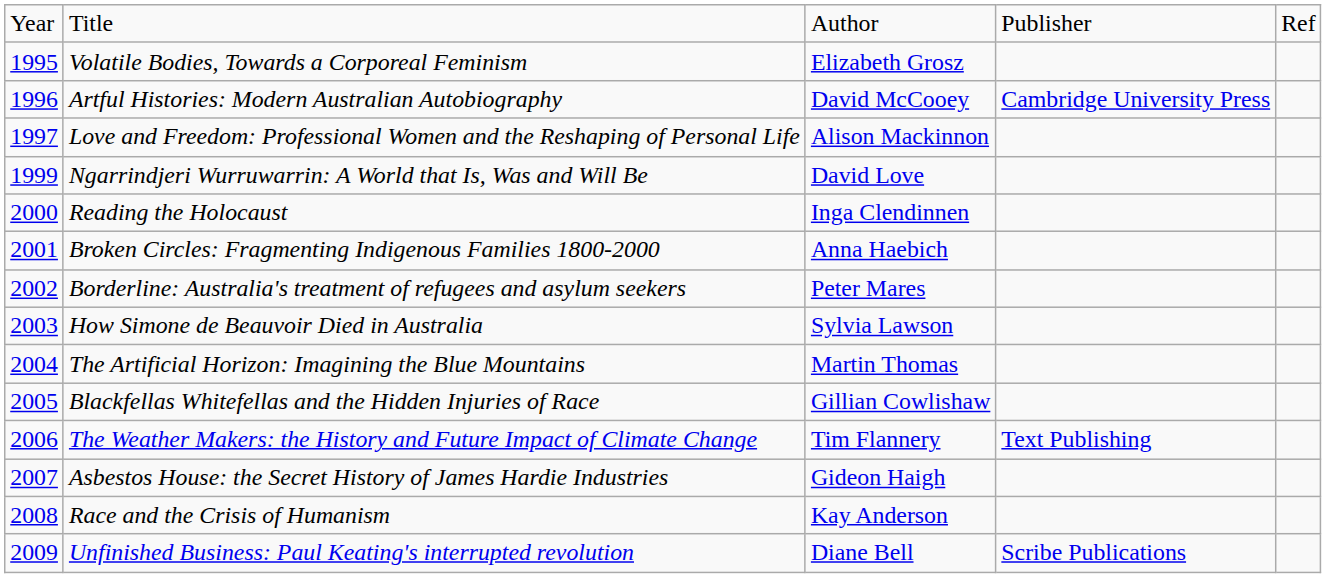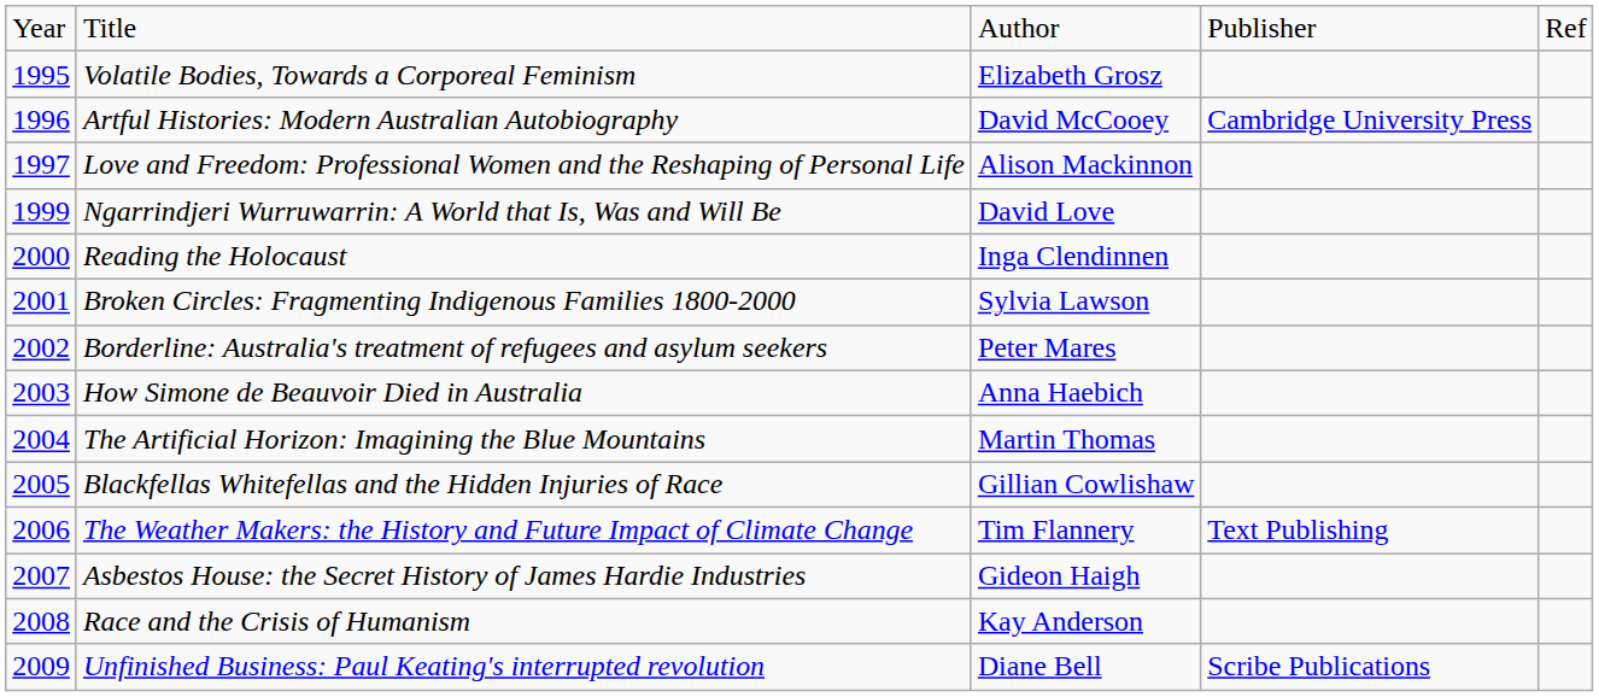 <table class="wikitable">
 <tr>
 <td>Year</td>
 <td>Title</td>
 <td>Author</td>
 <td>Publisher</td>
 <td>Ref</td>
 </tr>
 <tr>
 <td><a href='#'>1995</a></td>
 <td><em>Volatile Bodies, Towards a Corporeal Feminism</em></td>
 <td><a href='#'>Elizabeth Grosz</a></td>
 <td></td>
 <td></td>
 </tr>
 <tr>
 <td><a href='#'>1996</a></td>
 <td><em>Artful Histories: Modern Australian Autobiography</em></td>
 <td><a href='#'>David McCooey</a></td>
 <td><a href='#'>Cambridge University Press</a></td>
 <td></td>
 </tr>
 <tr>
 <td><a href='#'>1997</a></td>
 <td><em>Love and Freedom: Professional Women and the Reshaping of Personal Life</em></td>
 <td><a href='#'>Alison Mackinnon</a></td>
 <td></td>
 <td></td>
 </tr>
 <tr>
 <td><a href='#'>1999</a></td>
 <td><em>Ngarrindjeri Wurruwarrin: A World that Is, Was and Will Be</em></td>
 <td><a href='#'>David Love</a></td>
 <td></td>
 <td></td>
 </tr>
 <tr>
 <td><a href='#'>2000</a></td>
 <td><em>Reading the Holocaust</em></td>
 <td><a href='#'>Inga Clendinnen</a></td>
 <td></td>
 <td></td>
 </tr>
 <tr>
 <td><a href='#'>2001</a></td>
 <td><em>Broken Circles: Fragmenting Indigenous Families 1800-2000</em></td>
-<td><a href='#'>Anna Haebich</a></td>
+<td><a href='#'>Sylvia Lawson</a></td>
 <td></td>
 <td></td>
 </tr>
 <tr>
 <td><a href='#'>2002</a></td>
 <td><em>Borderline: Australia's treatment of refugees and asylum seekers</em></td>
 <td><a href='#'>Peter Mares</a></td>
 <td></td>
 <td></td>
 </tr>
 <tr>
 <td><a href='#'>2003</a></td>
 <td><em>How Simone de Beauvoir Died in Australia</em></td>
-<td><a href='#'>Sylvia Lawson</a></td>
+<td><a href='#'>Anna Haebich</a></td>
 <td></td>
 <td></td>
 </tr>
 <tr>
 <td><a href='#'>2004</a></td>
 <td><em>The Artificial Horizon: Imagining the Blue Mountains</em></td>
 <td><a href='#'>Martin Thomas</a></td>
 <td></td>
 <td></td>
 </tr>
 <tr>
 <td><a href='#'>2005</a></td>
 <td><em>Blackfellas Whitefellas and the Hidden Injuries of Race</em></td>
 <td><a href='#'>Gillian Cowlishaw</a></td>
 <td></td>
 <td></td>
 </tr>
 <tr>
 <td><a href='#'>2006</a></td>
 <td><em><a href='#'>The Weather Makers: the History and Future Impact of Climate Change</a></em></td>
 <td><a href='#'>Tim Flannery</a></td>
 <td><a href='#'>Text Publishing</a></td>
 <td></td>
 </tr>
 <tr>
 <td><a href='#'>2007</a></td>
 <td><em>Asbestos House: the Secret History of James Hardie Industries</em></td>
 <td><a href='#'>Gideon Haigh</a></td>
 <td></td>
 <td></td>
 </tr>
 <tr>
 <td><a href='#'>2008</a></td>
 <td><em>Race and the Crisis of Humanism</em></td>
 <td><a href='#'>Kay Anderson</a></td>
 <td></td>
 <td></td>
 </tr>
 <tr>
 <td><a href='#'>2009</a></td>
 <td><em><a href='#'>Unfinished Business: Paul Keating's interrupted revolution</a></em></td>
 <td><a href='#'>Diane Bell</a></td>
 <td><a href='#'>Scribe Publications</a></td>
 <td></td>
 </tr>
 </table>
